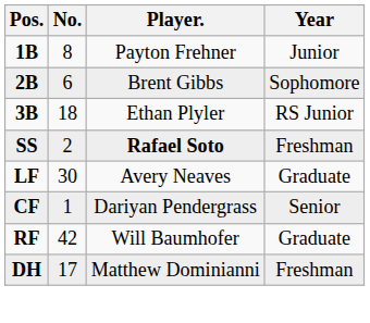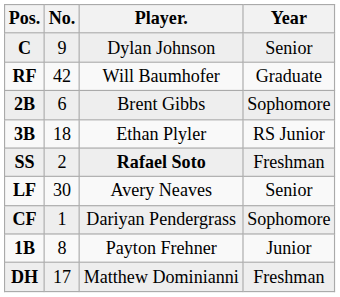 <table class="wikitable non-sortable">
 <tr>
 <th style="text-align:center; ">Pos.</th>
 <th style="text-align:center; ">No.</th>
 <th style="text-align:center; ">Player.</th>
 <th style="text-align:center; ">Year</th>
 </tr>
+<tr style="background:#eeeeee;text-align:center;">
+<td><strong>C</strong></td>
+<td>9</td>
+<td>Dylan Johnson</td>
+<td>Senior</td>
+</tr>
 <tr style="text-align:center;">
-<td><strong>1B</strong></td>
-<td>8</td>
-<td>Payton Frehner</td>
-<td>Junior</td>
+<td><strong>RF</strong></td>
+<td>42</td>
+<td>Will Baumhofer</td>
+<td>Graduate</td>
 </tr>
 <tr style="background:#eeeeee;text-align:center;">
 <td><strong>2B</strong></td>
 <td>6</td>
 <td>Brent Gibbs</td>
 <td>Sophomore</td>
 </tr>
 <tr style="text-align:center;">
 <td><strong>3B</strong></td>
 <td>18</td>
 <td>Ethan Plyler</td>
 <td>RS Junior</td>
 </tr>
 <tr style="background:#eeeeee;text-align:center;">
 <td><strong>SS</strong></td>
 <td>2</td>
 <td><strong>Rafael Soto</strong></td>
 <td>Freshman</td>
 </tr>
 <tr style="text-align:center;">
 <td><strong>LF</strong></td>
 <td>30</td>
 <td>Avery Neaves</td>
-<td>Graduate</td>
+<td>Senior</td>
 </tr>
 <tr style="background:#eeeeee;text-align:center;">
 <td><strong>CF</strong></td>
 <td>1</td>
 <td>Dariyan Pendergrass</td>
-<td>Senior</td>
+<td>Sophomore</td>
 </tr>
 <tr style="text-align:center;">
-<td><strong>RF</strong></td>
-<td>42</td>
-<td>Will Baumhofer</td>
-<td>Graduate</td>
+<td><strong>1B</strong></td>
+<td>8</td>
+<td>Payton Frehner</td>
+<td>Junior</td>
 </tr>
 <tr style="background:#eeeeee;text-align:center;">
 <td><strong>DH</strong></td>
 <td>17</td>
 <td>Matthew Dominianni</td>
 <td>Freshman</td>
 </tr>
 </table>
